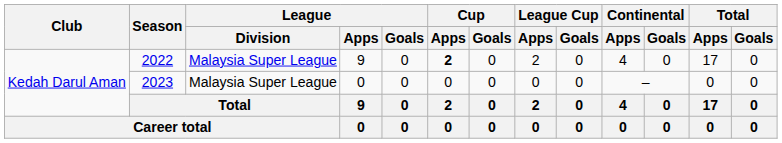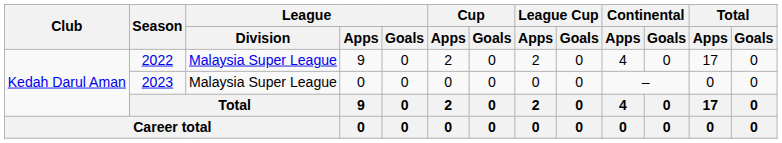 <table class=wikitable style="text-align:center">
 <tr>
 <th rowspan=2>Club</th>
 <th rowspan=2>Season</th>
 <th colspan=3>League</th>
 <th colspan=2>Cup</th>
 <th colspan=2>League Cup</th>
 <th colspan=2>Continental</th>
 <th colspan=2>Total</th>
 </tr>
 <tr>
 <th>Division</th>
 <th>Apps</th>
 <th>Goals</th>
 <th>Apps</th>
 <th>Goals</th>
 <th>Apps</th>
 <th>Goals</th>
 <th>Apps</th>
 <th>Goals</th>
 <th>Apps</th>
 <th>Goals</th>
 </tr>
 <tr>
 <td rowspan="3"><a href='#'>Kedah Darul Aman</a></td>
 <td><a href='#'>2022</a></td>
 <td><a href='#'>Malaysia Super League</a></td>
 <td>9</td>
 <td>0</td>
-<td><strong>2</strong></td>
+<td>2</td>
 <td>0</td>
 <td>2</td>
 <td>0</td>
 <td>4</td>
 <td>0</td>
 <td>17</td>
 <td>0</td>
 </tr>
 <tr>
 <td><a href='#'>2023</a></td>
 <td>Malaysia Super League</td>
 <td>0</td>
 <td>0</td>
 <td>0</td>
 <td>0</td>
 <td>0</td>
 <td>0</td>
 <td colspan="2">–</td>
 <td>0</td>
 <td>0</td>
 </tr>
 <tr>
 <th colspan=2>Total</th>
 <th>9</th>
 <th>0</th>
 <th>2</th>
 <th>0</th>
 <th>2</th>
 <th>0</th>
 <th>4</th>
 <th>0</th>
 <th>17</th>
 <th>0</th>
 </tr>
 <tr>
 <th colspan=3>Career total</th>
 <th>0</th>
 <th>0</th>
 <th>0</th>
 <th>0</th>
 <th>0</th>
 <th>0</th>
 <th>0</th>
 <th>0</th>
 <th>0</th>
 <th>0</th>
 </tr>
 </table>
